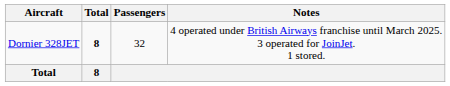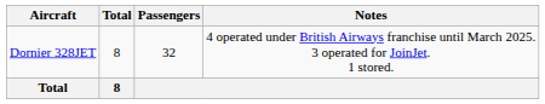 <table class="wikitable" style="text-align:center;margin:1em auto;">
 <tr>
 <th>Aircraft</th>
 <th>Total</th>
 <th>Passengers</th>
 <th>Notes</th>
 </tr>
 <tr>
 <td><a href='#'>Dornier 328JET</a></td>
-<td><strong>8</strong></td>
+<td>8</td>
 <td>32</td>
 <td>4 operated under <a href='#'>British Airways</a> franchise until March 2025.<br>3 operated for <a href='#'>JoinJet</a>.<br>1 stored.</td>
 </tr>
 <tr>
 <th>Total</th>
 <th>8</th>
 <th colspan="3"></th>
 </tr>
 </table>
